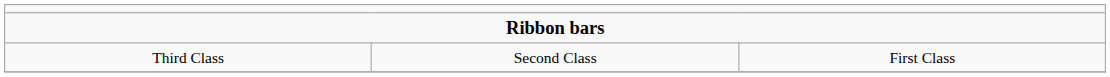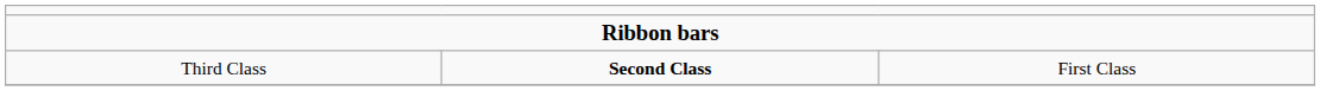 <table align=center class=wikitable width=60%>
 <tr>
 <td colspan="3" align="center"></td>
 </tr>
 <tr>
 <td colspan=3 style="text-align:center;"><strong>Ribbon bars</strong></td>
 </tr>
 <tr>
 <td width=20% valign=top align=center><small>Third Class</small></td>
-<td width=20% valign=top align=center><small>Second Class</small></td>
+<td width=20% valign=top align=center><strong><small>Second Class</small></strong></td>
 <td width=20% valign=top align=center><small>First Class</small></td>
 </tr>
 <tr>
 </tr>
 </table>
